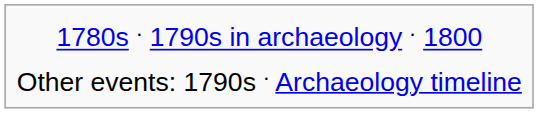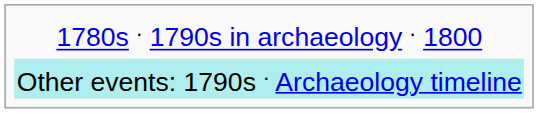 <table class="infobox">
 <tr style="background-color:#f3f3f3 width:29em">
 <td align="center"><a href='#'>1780s</a> <sup>.</sup> <a href='#'>1790s in archaeology</a> <sup>.</sup> <a href='#'>1800</a><br></td>
 </tr>
 <tr>
-<td align="center">Other events: 1790s <sup>.</sup> <a href='#'>Archaeology timeline</a></td>
+<td align="center" style="background: paleturquoise;">Other events: 1790s <sup>.</sup> <a href='#'>Archaeology timeline</a></td>
 </tr>
 </table>
